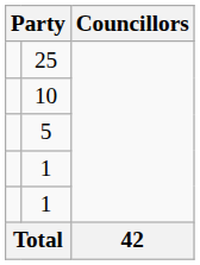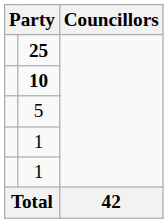 <table class="wikitable">
 <tr>
 <th colspan=2>Party</th>
 <th>Councillors</th>
 </tr>
 <tr>
 <td></td>
-<td align=center>25</td>
+<td align=center><strong>25</strong></td>
 </tr>
 <tr>
 <td></td>
-<td align=center>10</td>
+<td align=center><strong>10</strong></td>
 </tr>
 <tr>
 <td></td>
 <td align=center>5</td>
 </tr>
 <tr>
 <td></td>
 <td align=center>1</td>
 </tr>
 <tr>
 <td></td>
 <td align=center>1</td>
 </tr>
 <tr>
 <th colspan=2>Total</th>
 <th align=center>42</th>
 </tr>
 </table>
